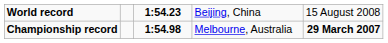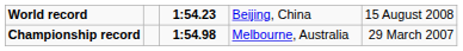 <table class="wikitable">
 <tr>
 <td><strong>World record</strong></td>
 <td style="padding-right:1em"></td>
 <td style="text-align:center;padding-left:1em; padding-right:1em;"><strong>1:54.23</strong></td>
 <td style="padding-right:1em"><a href='#'>Beijing</a>, China</td>
 <td align=right>15 August 2008</td>
 </tr>
 <tr>
 <td><strong>Championship record</strong></td>
 <td style="padding-right:1em"></td>
 <td style="text-align:center;padding-left:1em; padding-right:1em;"><strong>1:54.98</strong></td>
 <td style="padding-right:1em"><a href='#'>Melbourne</a>, Australia</td>
-<td align=right><strong>29 March 2007</strong></td>
+<td align=right>29 March 2007</td>
 </tr>
 </table>
